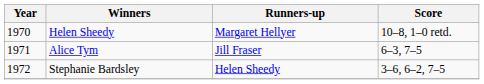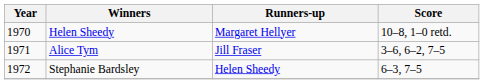 <table class="wikitable">
 <tr>
 <th style="width:50px">Year</th>
 <th style="width:220px">Winners</th>
 <th style="width:220px">Runners-up</th>
 <th style="width:130px" class="unsortable">Score</th>
 </tr>
 <tr>
 <td>1970</td>
 <td> <a href='#'>Helen Sheedy</a></td>
 <td> <a href='#'>Margaret Hellyer</a></td>
 <td>10–8, 1–0 retd.</td>
 </tr>
 <tr>
 <td>1971</td>
 <td> <a href='#'>Alice Tym</a></td>
 <td> <a href='#'>Jill Fraser</a></td>
-<td>6–3, 7–5</td>
+<td>3–6, 6–2, 7–5</td>
 </tr>
 <tr>
 <td>1972</td>
 <td> Stephanie Bardsley</td>
 <td> <a href='#'>Helen Sheedy</a></td>
-<td>3–6, 6–2, 7–5</td>
+<td>6–3, 7–5</td>
 </tr>
 <tr>
 </tr>
 </table>
